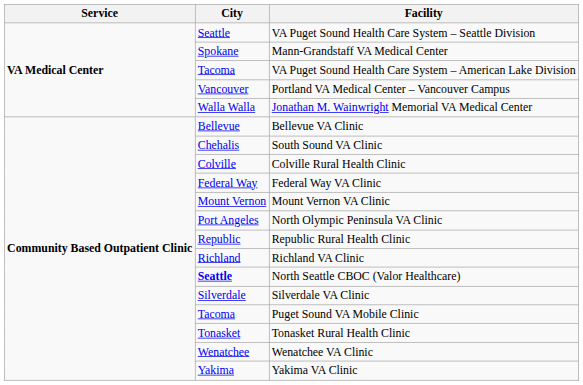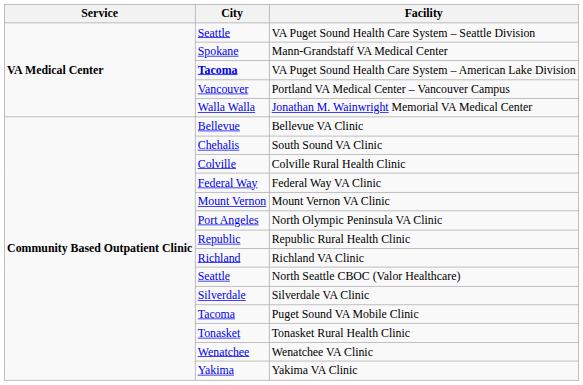 <table class="wikitable">
 <tr>
 <th>Service</th>
 <th>City</th>
 <th>Facility</th>
 </tr>
 <tr>
 <td rowspan=5><strong>VA Medical Center</strong></td>
 <td><a href='#'>Seattle</a></td>
 <td>VA Puget Sound Health Care System – Seattle Division</td>
 </tr>
 <tr>
 <td><a href='#'>Spokane</a></td>
 <td>Mann-Grandstaff VA Medical Center</td>
 </tr>
 <tr>
-<td><a href='#'>Tacoma</a></td>
+<td><strong><a href='#'>Tacoma</a></strong></td>
 <td>VA Puget Sound Health Care System – American Lake Division</td>
 </tr>
 <tr>
 <td><a href='#'>Vancouver</a></td>
 <td>Portland VA Medical Center – Vancouver Campus</td>
 </tr>
 <tr>
 <td><a href='#'>Walla Walla</a></td>
 <td><a href='#'>Jonathan M. Wainwright</a> Memorial VA Medical Center</td>
 </tr>
 <tr>
 <td rowspan=14><strong>Community Based Outpatient Clinic</strong></td>
 <td><a href='#'>Bellevue</a></td>
 <td>Bellevue VA Clinic</td>
 </tr>
 <tr>
 <td><a href='#'>Chehalis</a></td>
 <td>South Sound VA Clinic</td>
 </tr>
 <tr>
 <td><a href='#'>Colville</a></td>
 <td>Colville Rural Health Clinic</td>
 </tr>
 <tr>
 <td><a href='#'>Federal Way</a></td>
 <td>Federal Way VA Clinic</td>
 </tr>
 <tr>
 <td><a href='#'>Mount Vernon</a></td>
 <td>Mount Vernon VA Clinic</td>
 </tr>
 <tr>
 <td><a href='#'>Port Angeles</a></td>
 <td>North Olympic Peninsula VA Clinic</td>
 </tr>
 <tr>
 <td><a href='#'>Republic</a></td>
 <td>Republic Rural Health Clinic</td>
 </tr>
 <tr>
 <td><a href='#'>Richland</a></td>
 <td>Richland VA Clinic</td>
 </tr>
 <tr>
-<td><strong><a href='#'>Seattle</a></strong></td>
+<td><a href='#'>Seattle</a></td>
 <td>North Seattle CBOC (Valor Healthcare)</td>
 </tr>
 <tr>
 <td><a href='#'>Silverdale</a></td>
 <td>Silverdale VA Clinic</td>
 </tr>
 <tr>
 <td><a href='#'>Tacoma</a></td>
 <td>Puget Sound VA Mobile Clinic</td>
 </tr>
 <tr>
 <td><a href='#'>Tonasket</a></td>
 <td>Tonasket Rural Health Clinic</td>
 </tr>
 <tr>
 <td><a href='#'>Wenatchee</a></td>
 <td>Wenatchee VA Clinic</td>
 </tr>
 <tr>
 <td><a href='#'>Yakima</a></td>
 <td>Yakima VA Clinic</td>
 </tr>
 </table>
